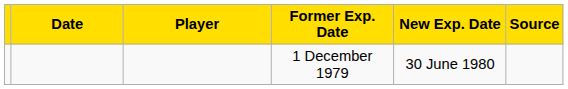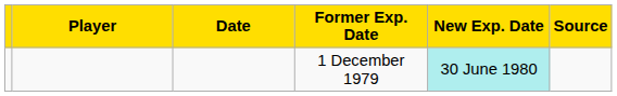 <table class="wikitable sortable">
 <tr>
 <th style="background:#FFDE00"></th>
+<th width=200 style="background:#FFDE00">Player</th>
 <th width=150 style="background:#FFDE00">Date</th>
-<th width=200 style="background:#FFDE00">Player</th>
 <th width=150 style="background:#FFDE00">Former Exp. Date</th>
 <th width=150 style="background:#FFDE00">New Exp. Date</th>
 <th style="background:#FFDE00">Source</th>
 </tr>
 <tr>
 <td align=center></td>
+<td></td>
 <td align=center></td>
-<td></td>
 <td align=center>1 December 1979</td>
-<td align=center>30 June 1980</td>
+<td align=center style="background: paleturquoise;">30 June 1980</td>
 <td align=center></td>
 </tr>
 </table>
